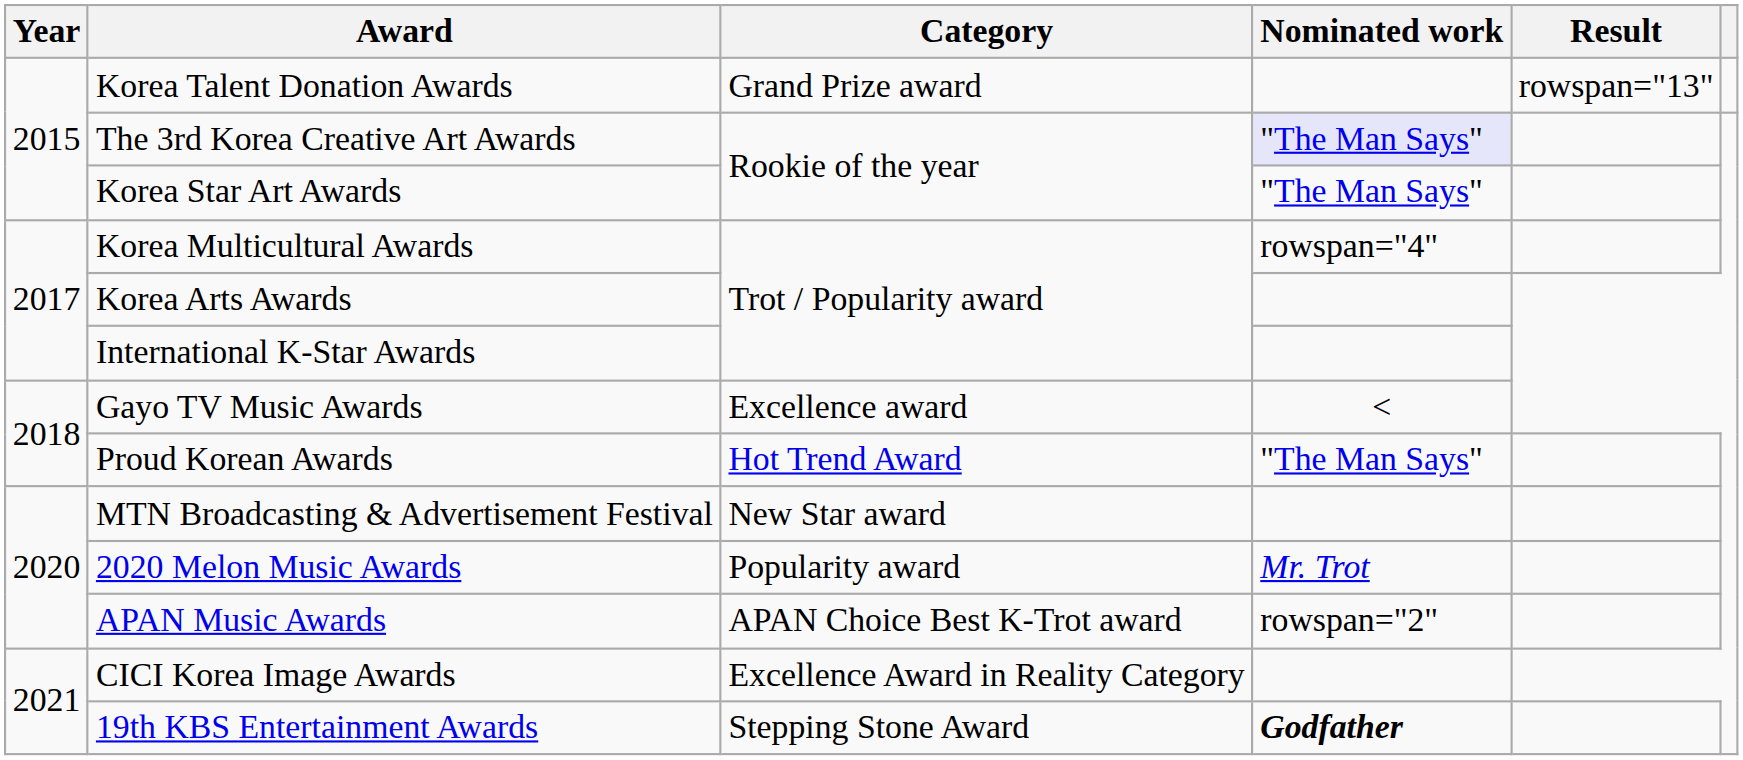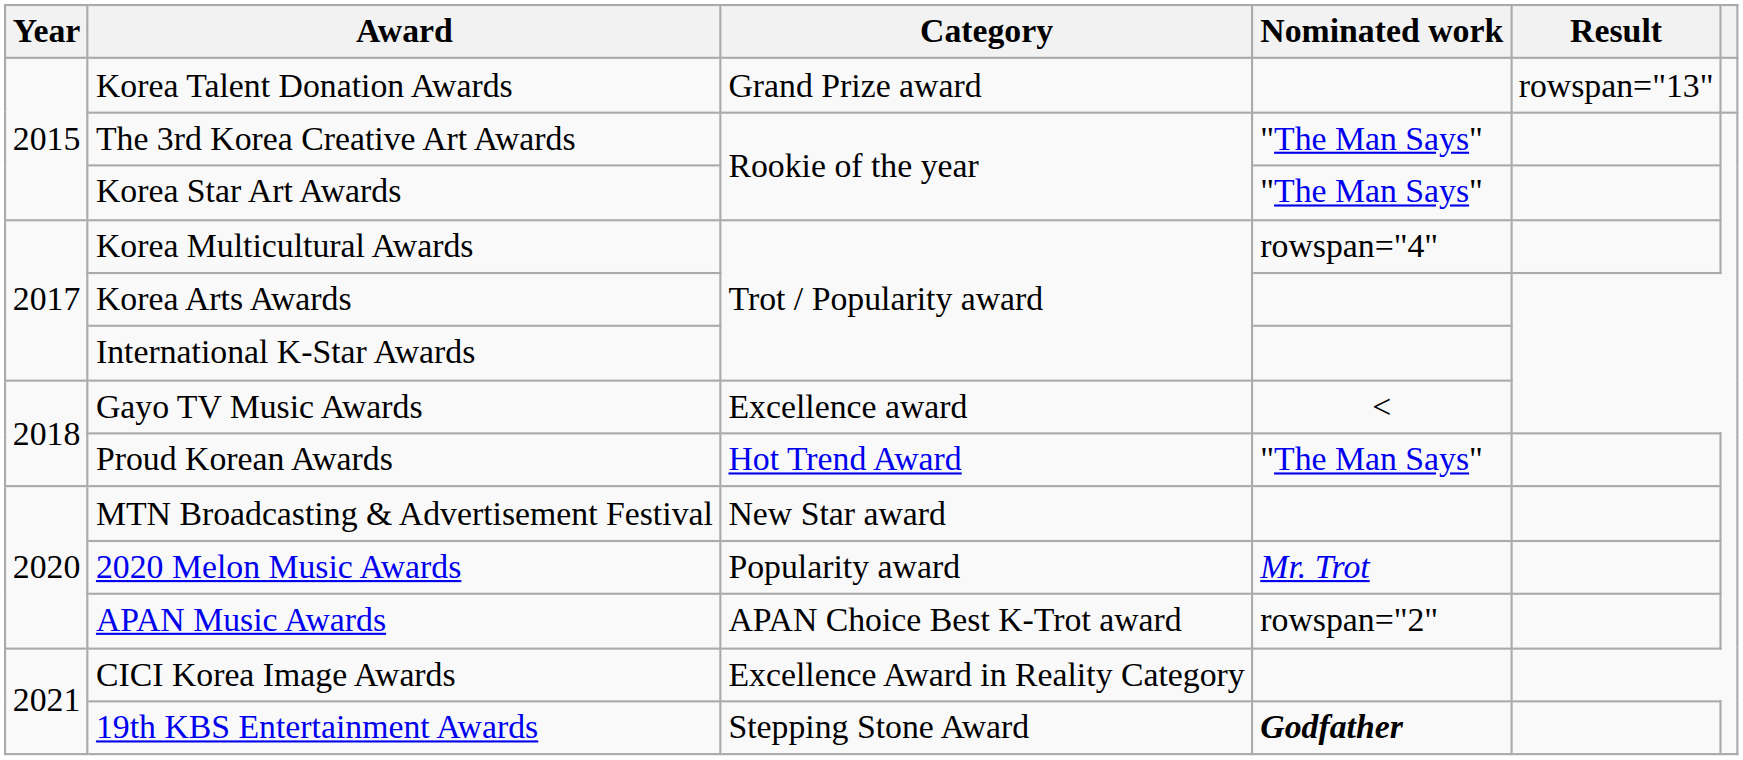 <table class="wikitable sortable plainrowheaders">
 <tr>
 <th>Year</th>
 <th>Award</th>
 <th>Category</th>
 <th>Nominated work</th>
 <th>Result</th>
 <th></th>
 </tr>
 <tr>
 <td rowspan="3">2015</td>
 <td>Korea Talent Donation Awards</td>
 <td>Grand Prize award</td>
 <td></td>
 <td>rowspan="13" </td>
 <td style="text-align:center;"></td>
 </tr>
 <tr>
 <td>The 3rd Korea Creative Art Awards</td>
 <td rowspan="2">Rookie of the year</td>
-<td style="background: lavender;">"<a href='#'>The Man Says</a>"</td>
+<td>"<a href='#'>The Man Says</a>"</td>
 <td style="text-align:center;"></td>
 </tr>
 <tr>
 <td>Korea Star Art Awards</td>
 <td>"<a href='#'>The Man Says</a>"</td>
 <td style="text-align:center;"></td>
 </tr>
 <tr>
 <td rowspan="3">2017</td>
 <td>Korea Multicultural Awards</td>
 <td rowspan="3">Trot / Popularity award</td>
 <td>rowspan="4" </td>
 <td style="text-align:center;"></td>
 </tr>
 <tr>
 <td>Korea Arts Awards</td>
 <td style="text-align:center;"></td>
 </tr>
 <tr>
 <td>International K-Star Awards</td>
 <td style="text-align:center;"></td>
 </tr>
 <tr>
 <td rowspan="2">2018</td>
 <td>Gayo TV Music Awards</td>
 <td>Excellence award</td>
 <td style="text-align:center;"><</td>
 </tr>
 <tr>
 <td>Proud Korean Awards</td>
 <td><a href='#'>Hot Trend Award</a><br></td>
 <td>"<a href='#'>The Man Says</a>"</td>
 <td style="text-align:center;"></td>
 </tr>
 <tr>
 <td rowspan="3">2020</td>
 <td>MTN Broadcasting & Advertisement Festival</td>
 <td>New Star award</td>
 <td></td>
 <td style="text-align:center;"></td>
 </tr>
 <tr>
 <td><a href='#'>2020 Melon Music Awards</a></td>
 <td>Popularity award</td>
 <td><em><a href='#'>Mr. Trot</a></em></td>
 <td style="text-align:center;"></td>
 </tr>
 <tr>
 <td><a href='#'>APAN Music Awards</a></td>
 <td>APAN Choice Best K-Trot award</td>
 <td>rowspan="2" </td>
 <td style="text-align:center;"></td>
 </tr>
 <tr>
 <td rowspan="2">2021</td>
 <td>CICI Korea Image Awards</td>
 <td>Excellence Award in Reality Category</td>
 <td style="text-align:center;"></td>
 </tr>
 <tr>
 <td><a href='#'>19th KBS Entertainment Awards</a></td>
 <td>Stepping Stone Award<br></td>
 <td><strong><em>Godfather</em></strong></td>
 <td style="text-align:center;"></td>
 </tr>
 </table>
